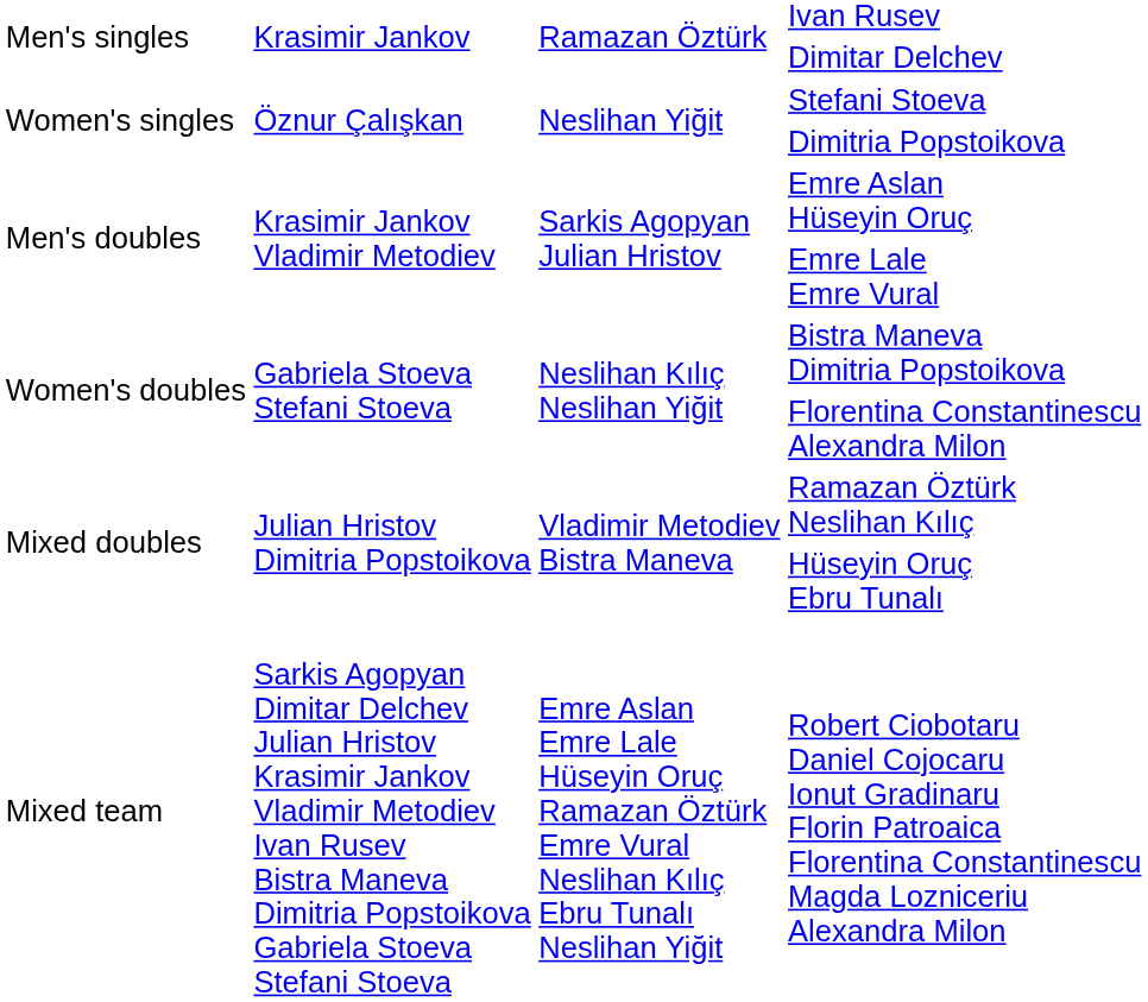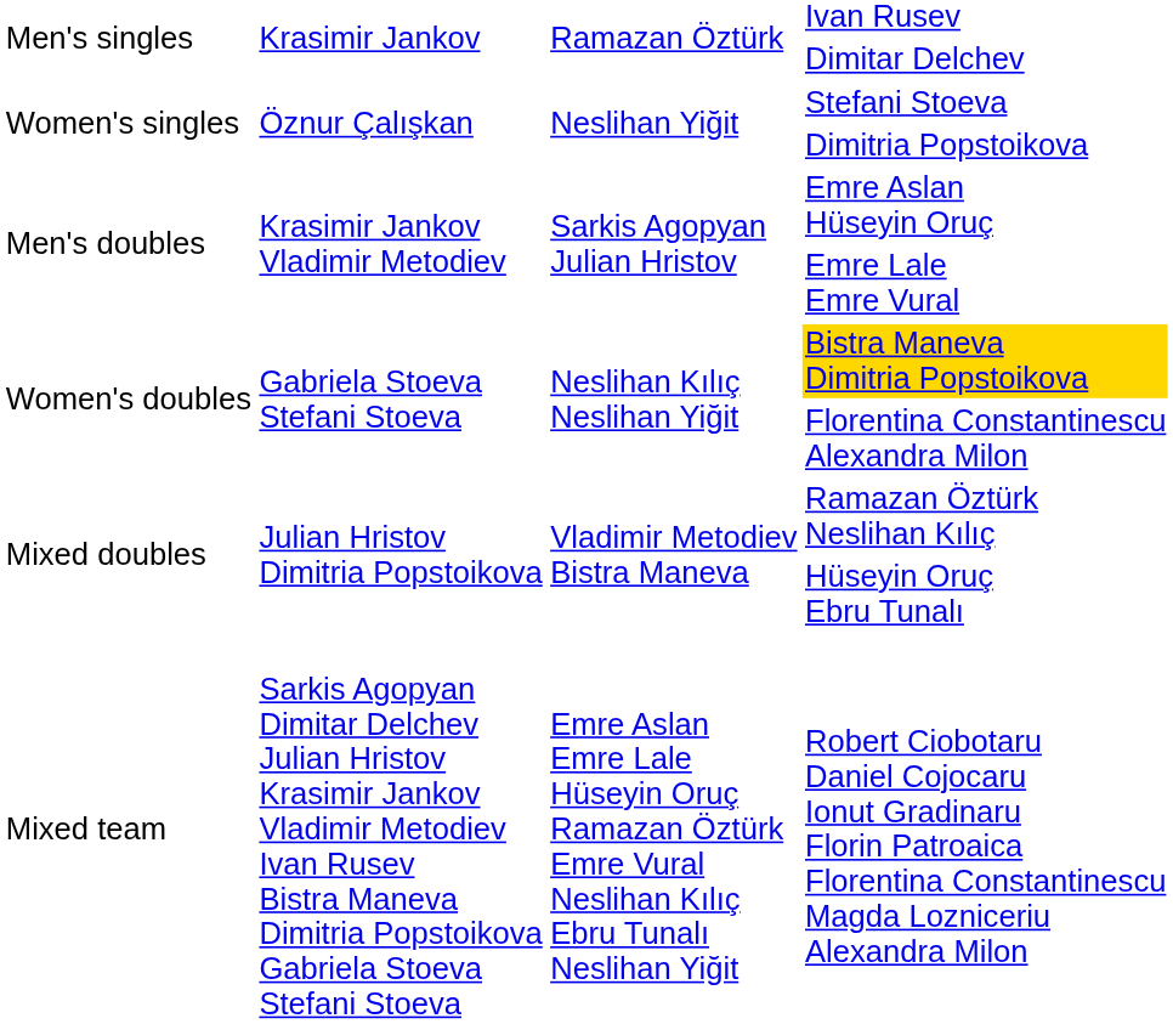 <table>
 <tr>
 <td rowspan="2">Men's singles</td>
 <td rowspan="2"> <a href='#'>Krasimir Jankov</a></td>
 <td rowspan="2"> <a href='#'>Ramazan Öztürk</a></td>
 <td> <a href='#'>Ivan Rusev</a></td>
 </tr>
 <tr>
 <td> <a href='#'>Dimitar Delchev</a></td>
 </tr>
 <tr>
 <td rowspan="2">Women's singles</td>
 <td rowspan="2"> <a href='#'>Öznur Çalışkan</a></td>
 <td rowspan="2"> <a href='#'>Neslihan Yiğit</a></td>
 <td> <a href='#'>Stefani Stoeva</a></td>
 </tr>
 <tr>
 <td> <a href='#'>Dimitria Popstoikova</a></td>
 </tr>
 <tr>
 <td rowspan="2">Men's doubles</td>
 <td rowspan="2"> <a href='#'>Krasimir Jankov</a><br> <a href='#'>Vladimir Metodiev</a></td>
 <td rowspan="2"> <a href='#'>Sarkis Agopyan</a><br> <a href='#'>Julian Hristov</a></td>
 <td> <a href='#'>Emre Aslan</a><br> <a href='#'>Hüseyin Oruç</a></td>
 </tr>
 <tr>
 <td> <a href='#'>Emre Lale</a><br> <a href='#'>Emre Vural</a></td>
 </tr>
 <tr>
 <td rowspan="2">Women's doubles</td>
 <td rowspan="2"> <a href='#'>Gabriela Stoeva</a><br> <a href='#'>Stefani Stoeva</a></td>
 <td rowspan="2"> <a href='#'>Neslihan Kılıç</a><br> <a href='#'>Neslihan Yiğit</a></td>
-<td> <a href='#'>Bistra Maneva</a><br> <a href='#'>Dimitria Popstoikova</a></td>
+<td style="background: gold;"> <a href='#'>Bistra Maneva</a><br> <a href='#'>Dimitria Popstoikova</a></td>
 </tr>
 <tr>
 <td> <a href='#'>Florentina Constantinescu</a><br> <a href='#'>Alexandra Milon</a></td>
 </tr>
 <tr>
 <td rowspan="2">Mixed doubles</td>
 <td rowspan="2"> <a href='#'>Julian Hristov</a><br> <a href='#'>Dimitria Popstoikova</a></td>
 <td rowspan="2"> <a href='#'>Vladimir Metodiev</a><br> <a href='#'>Bistra Maneva</a></td>
 <td> <a href='#'>Ramazan Öztürk</a><br> <a href='#'>Neslihan Kılıç</a></td>
 </tr>
 <tr>
 <td> <a href='#'>Hüseyin Oruç</a><br> <a href='#'>Ebru Tunalı</a></td>
 </tr>
 <tr>
 <td>Mixed team</td>
 <td><br><a href='#'>Sarkis Agopyan</a><br><a href='#'>Dimitar Delchev</a><br><a href='#'>Julian Hristov</a><br><a href='#'>Krasimir Jankov</a><br><a href='#'>Vladimir Metodiev</a><br><a href='#'>Ivan Rusev</a><br><a href='#'>Bistra Maneva</a><br><a href='#'>Dimitria Popstoikova</a><br><a href='#'>Gabriela Stoeva</a><br><a href='#'>Stefani Stoeva</a></td>
 <td><br><a href='#'>Emre Aslan</a><br><a href='#'>Emre Lale</a><br><a href='#'>Hüseyin Oruç</a><br><a href='#'>Ramazan Öztürk</a><br><a href='#'>Emre Vural</a><br><a href='#'>Neslihan Kılıç</a><br><a href='#'>Ebru Tunalı</a><br><a href='#'>Neslihan Yiğit</a></td>
 <td><br><a href='#'>Robert Ciobotaru</a><br><a href='#'>Daniel Cojocaru</a><br><a href='#'>Ionut Gradinaru</a><br><a href='#'>Florin Patroaica</a><br><a href='#'>Florentina Constantinescu</a><br><a href='#'>Magda Lozniceriu</a><br><a href='#'>Alexandra Milon</a></td>
 </tr>
 </table>
